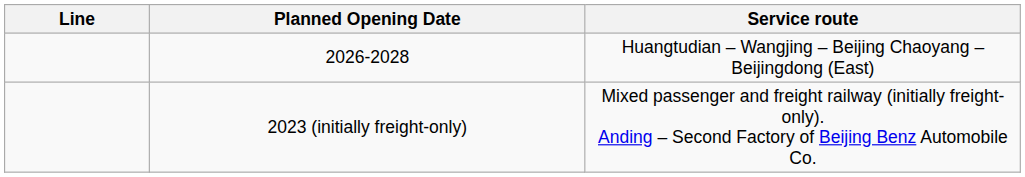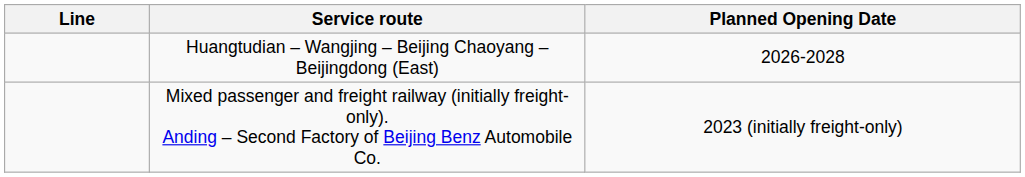 <table class="wikitable sortable" style="cell-padding:1.5; font-size:96%; text-align:center;">
 <tr>
 <th data-sort-type="text"style="width:120px;">Line</th>
+<th class="unsortable" style="width:375px; line-height:1.05">Service route</th>
 <th class="sortable" style="width:375px; line-height:1.05">Planned Opening Date</th>
-<th class="unsortable" style="width:375px; line-height:1.05">Service route</th>
 </tr>
 <tr>
 <td></td>
+<td>Huangtudian – Wangjing – Beijing Chaoyang – Beijingdong (East)</td>
 <td>2026-2028</td>
-<td>Huangtudian – Wangjing – Beijing Chaoyang – Beijingdong (East)</td>
 </tr>
 <tr>
 <td></td>
+<td>Mixed passenger and freight railway (initially freight-only).<br><a href='#'>Anding</a> – Second Factory of <a href='#'>Beijing Benz</a> Automobile Co.</td>
 <td>2023 (initially freight-only)</td>
-<td>Mixed passenger and freight railway (initially freight-only).<br><a href='#'>Anding</a> – Second Factory of <a href='#'>Beijing Benz</a> Automobile Co.</td>
 </tr>
 </table>
